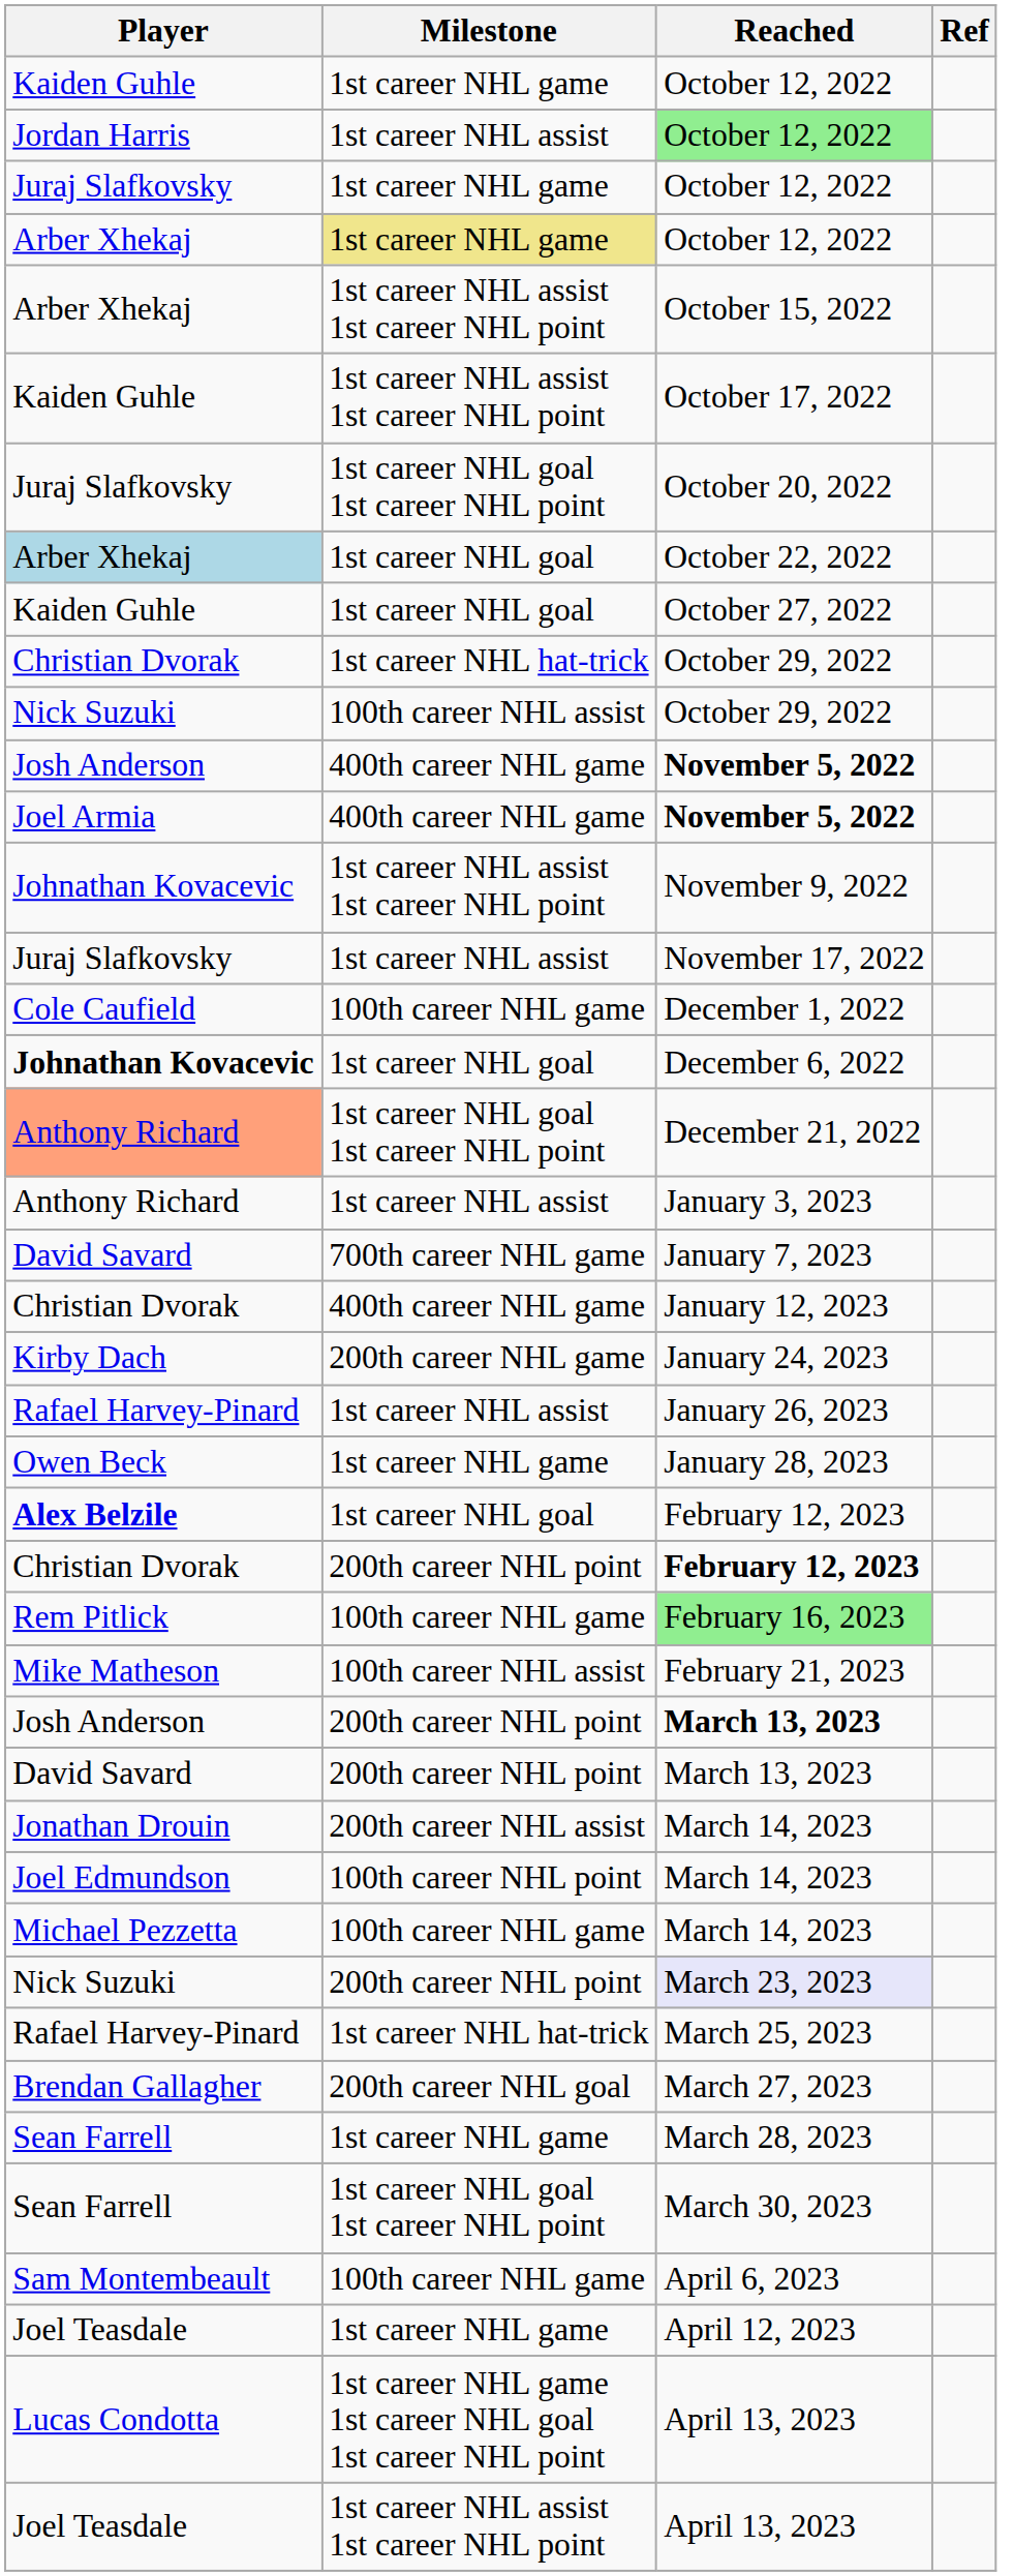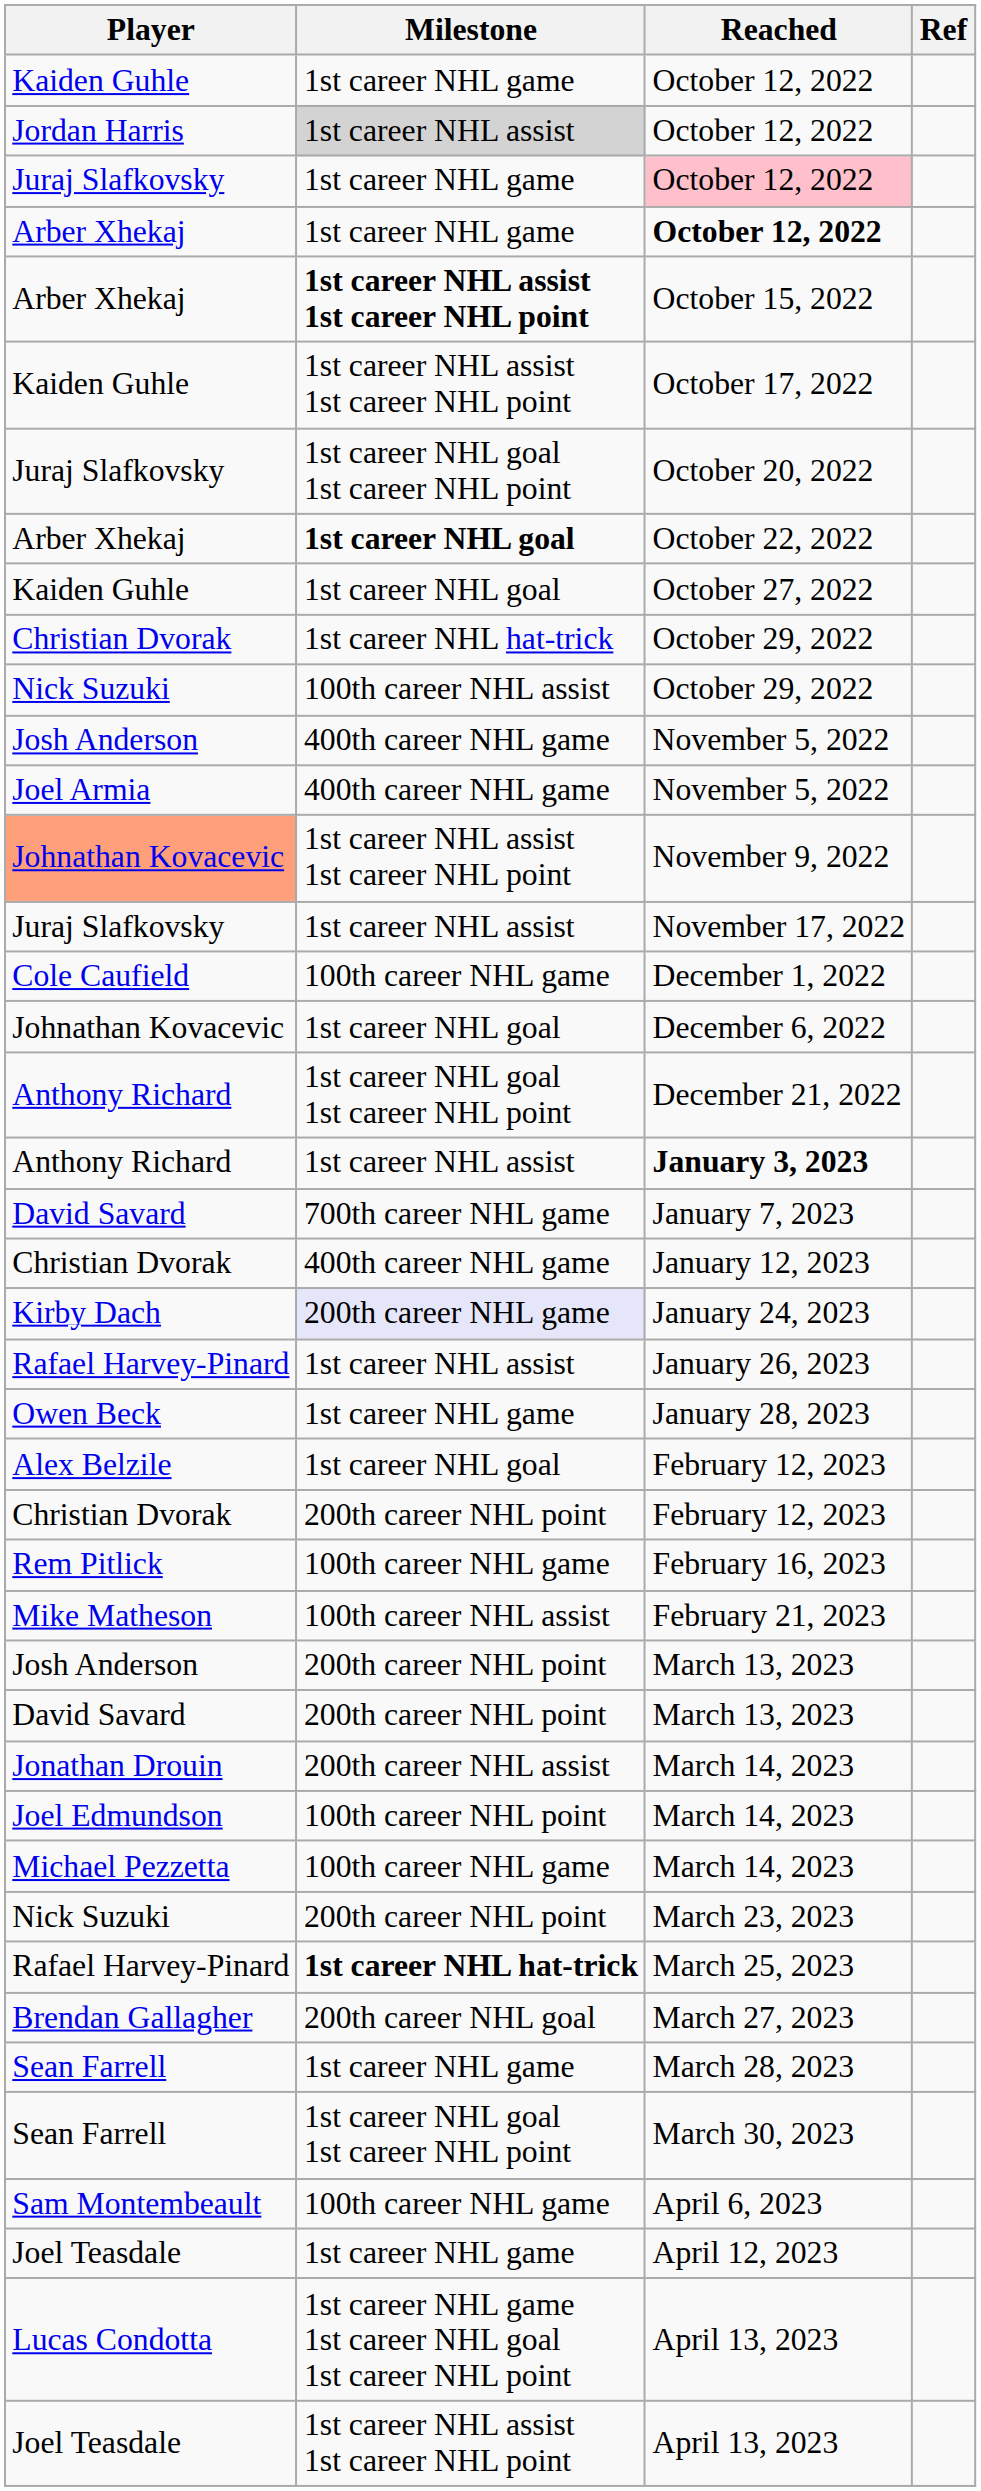 <table class="wikitable sortable">
 <tr align=center>
 <th>Player</th>
 <th>Milestone</th>
 <th data-sort-type="date">Reached</th>
 <th>Ref</th>
 </tr>
 <tr>
 <td><a href='#'>Kaiden Guhle</a></td>
 <td>1st career NHL game</td>
 <td>October 12, 2022</td>
 <td></td>
 </tr>
 <tr>
 <td><a href='#'>Jordan Harris</a></td>
-<td>1st career NHL assist</td>
-<td style="background: lightgreen;">October 12, 2022</td>
+<td style="background: lightgrey;">1st career NHL assist</td>
+<td>October 12, 2022</td>
 <td></td>
 </tr>
 <tr>
 <td><a href='#'>Juraj Slafkovsky</a></td>
 <td>1st career NHL game</td>
-<td>October 12, 2022</td>
+<td style="background: pink;">October 12, 2022</td>
 <td></td>
 </tr>
 <tr>
 <td><a href='#'>Arber Xhekaj</a></td>
-<td style="background: khaki;">1st career NHL game</td>
-<td>October 12, 2022</td>
+<td>1st career NHL game</td>
+<td><strong>October 12, 2022</strong></td>
 <td></td>
 </tr>
 <tr>
 <td>Arber Xhekaj</td>
-<td>1st career NHL assist<br>1st career NHL point</td>
+<td><strong>1st career NHL assist<br>1st career NHL point</strong></td>
 <td>October 15, 2022</td>
 <td></td>
 </tr>
 <tr>
 <td>Kaiden Guhle</td>
 <td>1st career NHL assist<br>1st career NHL point</td>
 <td>October 17, 2022</td>
 <td></td>
 </tr>
 <tr>
 <td>Juraj Slafkovsky</td>
 <td>1st career NHL goal<br>1st career NHL point</td>
 <td>October 20, 2022</td>
 <td></td>
 </tr>
 <tr>
-<td style="background: lightblue;">Arber Xhekaj</td>
-<td>1st career NHL goal</td>
+<td>Arber Xhekaj</td>
+<td><strong>1st career NHL goal</strong></td>
 <td>October 22, 2022</td>
 <td></td>
 </tr>
 <tr>
 <td>Kaiden Guhle</td>
 <td>1st career NHL goal</td>
 <td>October 27, 2022</td>
 <td></td>
 </tr>
 <tr>
 <td><a href='#'>Christian Dvorak</a></td>
 <td>1st career NHL <a href='#'>hat-trick</a></td>
 <td>October 29, 2022</td>
 <td></td>
 </tr>
 <tr>
 <td><a href='#'>Nick Suzuki</a></td>
 <td>100th career NHL assist</td>
 <td>October 29, 2022</td>
 <td></td>
 </tr>
 <tr>
 <td><a href='#'>Josh Anderson</a></td>
 <td>400th career NHL game</td>
-<td><strong>November 5, 2022</strong></td>
+<td>November 5, 2022</td>
 <td></td>
 </tr>
 <tr>
 <td><a href='#'>Joel Armia</a></td>
 <td>400th career NHL game</td>
-<td><strong>November 5, 2022</strong></td>
+<td>November 5, 2022</td>
 <td></td>
 </tr>
 <tr>
-<td><a href='#'>Johnathan Kovacevic</a></td>
+<td style="background: lightsalmon;"><a href='#'>Johnathan Kovacevic</a></td>
 <td>1st career NHL assist<br>1st career NHL point</td>
 <td>November 9, 2022</td>
 <td></td>
 </tr>
 <tr>
 <td>Juraj Slafkovsky</td>
 <td>1st career NHL assist</td>
 <td>November 17, 2022</td>
 <td></td>
 </tr>
 <tr>
 <td><a href='#'>Cole Caufield</a></td>
 <td>100th career NHL game</td>
 <td>December 1, 2022</td>
 <td></td>
 </tr>
 <tr>
-<td><strong>Johnathan Kovacevic</strong></td>
+<td>Johnathan Kovacevic</td>
 <td>1st career NHL goal</td>
 <td>December 6, 2022</td>
 <td></td>
 </tr>
 <tr>
-<td style="background: lightsalmon;"><a href='#'>Anthony Richard</a></td>
+<td><a href='#'>Anthony Richard</a></td>
 <td>1st career NHL goal<br>1st career NHL point</td>
 <td>December 21, 2022</td>
 <td></td>
 </tr>
 <tr>
 <td>Anthony Richard</td>
 <td>1st career NHL assist</td>
-<td>January 3, 2023</td>
+<td><strong>January 3, 2023</strong></td>
 <td></td>
 </tr>
 <tr>
 <td><a href='#'>David Savard</a></td>
 <td>700th career NHL game</td>
 <td>January 7, 2023</td>
 <td></td>
 </tr>
 <tr>
 <td>Christian Dvorak</td>
 <td>400th career NHL game</td>
 <td>January 12, 2023</td>
 <td></td>
 </tr>
 <tr>
 <td><a href='#'>Kirby Dach</a></td>
-<td>200th career NHL game</td>
+<td style="background: lavender;">200th career NHL game</td>
 <td>January 24, 2023</td>
 <td></td>
 </tr>
 <tr>
 <td><a href='#'>Rafael Harvey-Pinard</a></td>
 <td>1st career NHL assist</td>
 <td>January 26, 2023</td>
 <td></td>
 </tr>
 <tr>
 <td><a href='#'>Owen Beck</a></td>
 <td>1st career NHL game</td>
 <td>January 28, 2023</td>
 <td></td>
 </tr>
 <tr>
-<td><strong><a href='#'>Alex Belzile</a></strong></td>
+<td><a href='#'>Alex Belzile</a></td>
 <td>1st career NHL goal</td>
 <td>February 12, 2023</td>
 <td></td>
 </tr>
 <tr>
 <td>Christian Dvorak</td>
 <td>200th career NHL point</td>
-<td><strong>February 12, 2023</strong></td>
+<td>February 12, 2023</td>
 <td></td>
 </tr>
 <tr>
 <td><a href='#'>Rem Pitlick</a></td>
 <td>100th career NHL game</td>
-<td style="background: lightgreen;">February 16, 2023</td>
+<td>February 16, 2023</td>
 <td></td>
 </tr>
 <tr>
 <td><a href='#'>Mike Matheson</a></td>
 <td>100th career NHL assist</td>
 <td>February 21, 2023</td>
 <td></td>
 </tr>
 <tr>
 <td>Josh Anderson</td>
 <td>200th career NHL point</td>
-<td><strong>March 13, 2023</strong></td>
+<td>March 13, 2023</td>
 <td></td>
 </tr>
 <tr>
 <td>David Savard</td>
 <td>200th career NHL point</td>
 <td>March 13, 2023</td>
 <td></td>
 </tr>
 <tr>
 <td><a href='#'>Jonathan Drouin</a></td>
 <td>200th career NHL assist</td>
 <td>March 14, 2023</td>
 <td></td>
 </tr>
 <tr>
 <td><a href='#'>Joel Edmundson</a></td>
 <td>100th career NHL point</td>
 <td>March 14, 2023</td>
 <td></td>
 </tr>
 <tr>
 <td><a href='#'>Michael Pezzetta</a></td>
 <td>100th career NHL game</td>
 <td>March 14, 2023</td>
 <td></td>
 </tr>
 <tr>
 <td>Nick Suzuki</td>
 <td>200th career NHL point</td>
-<td style="background: lavender;">March 23, 2023</td>
+<td>March 23, 2023</td>
 <td></td>
 </tr>
 <tr>
 <td>Rafael Harvey-Pinard</td>
-<td>1st career NHL hat-trick</td>
+<td><strong>1st career NHL hat-trick</strong></td>
 <td>March 25, 2023</td>
 <td></td>
 </tr>
 <tr>
 <td><a href='#'>Brendan Gallagher</a></td>
 <td>200th career NHL goal</td>
 <td>March 27, 2023</td>
 <td></td>
 </tr>
 <tr>
 <td><a href='#'>Sean Farrell</a></td>
 <td>1st career NHL game</td>
 <td>March 28, 2023</td>
 <td></td>
 </tr>
 <tr>
 <td>Sean Farrell</td>
 <td>1st career NHL goal<br>1st career NHL point</td>
 <td>March 30, 2023</td>
 <td></td>
 </tr>
 <tr>
 <td><a href='#'>Sam Montembeault</a></td>
 <td>100th career NHL game</td>
 <td>April 6, 2023</td>
 <td></td>
 </tr>
 <tr>
 <td>Joel Teasdale</td>
 <td>1st career NHL game</td>
 <td>April 12, 2023</td>
 <td></td>
 </tr>
 <tr>
 <td><a href='#'>Lucas Condotta</a></td>
 <td>1st career NHL game<br>1st career NHL goal<br>1st career NHL point</td>
 <td>April 13, 2023</td>
 <td></td>
 </tr>
 <tr>
 <td>Joel Teasdale</td>
 <td>1st career NHL assist<br>1st career NHL point</td>
 <td>April 13, 2023</td>
 <td></td>
 </tr>
 </table>
